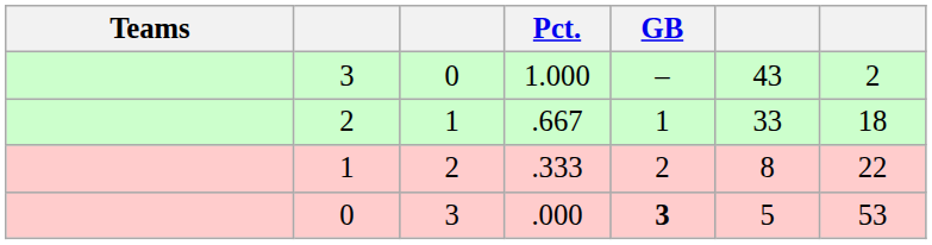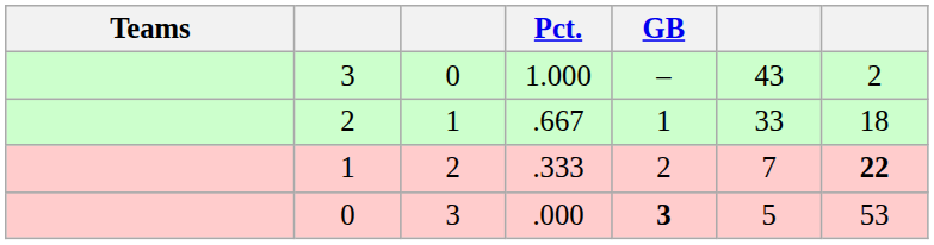 <table class="wikitable" style="text-align:center;">
 <tr>
 <th width=150px>Teams</th>
 <th width=50px></th>
 <th width=50px></th>
 <th width=50px><a href='#'>Pct.</a></th>
 <th width=50px><a href='#'>GB</a></th>
 <th width=50px></th>
 <th width=50px></th>
 </tr>
 <tr style="background-color:#cfc">
 <td align=left></td>
 <td>3</td>
 <td>0</td>
 <td>1.000</td>
 <td>–</td>
 <td>43</td>
 <td>2</td>
 </tr>
 <tr style="background-color:#cfc">
 <td align=left></td>
 <td>2</td>
 <td>1</td>
 <td>.667</td>
 <td>1</td>
 <td>33</td>
 <td>18</td>
 </tr>
 <tr style="background-color:#fcc">
 <td align=left></td>
 <td>1</td>
 <td>2</td>
 <td>.333</td>
 <td>2</td>
-<td>8</td>
-<td>22</td>
+<td>7</td>
+<td><strong>22</strong></td>
 </tr>
 <tr style="background-color:#fcc">
 <td align=left></td>
 <td>0</td>
 <td>3</td>
 <td>.000</td>
 <td><strong>3</strong></td>
 <td>5</td>
 <td>53</td>
 </tr>
 </table>
